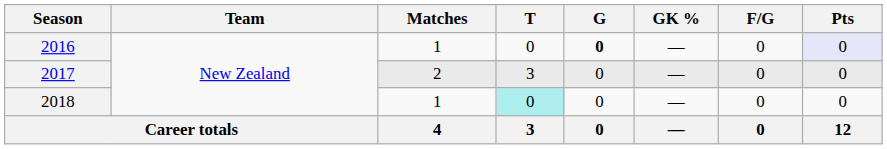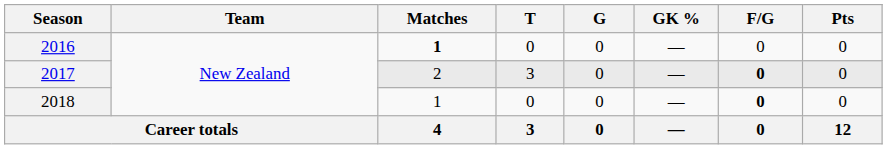 <table class="wikitable sortable"  style="font-size:90%; text-align:center; width:85%;">
 <tr>
 <th width=2%>Season</th>
 <th width=8%>Team</th>
 <th width=2%>Matches</th>
 <th width=2%>T</th>
 <th width=2%>G</th>
 <th width=2%>GK %</th>
 <th width=2%>F/G</th>
 <th width=2%>Pts</th>
 </tr>
 <tr>
 <th scope="row" style="text-align:center; font-weight:normal"><a href='#'>2016</a></th>
 <td rowspan="3" style="text-align:center;"> <a href='#'>New Zealand</a></td>
-<td>1</td>
+<td><strong>1</strong></td>
 <td>0</td>
-<td><strong>0</strong></td>
+<td>0</td>
 <td>—</td>
 <td>0</td>
-<td style="background: lavender;">0</td>
+<td>0</td>
 </tr>
 <tr style="background:#eaeaea;">
 <th scope="row" style="text-align:center; font-weight:normal"><a href='#'>2017</a></th>
 <td>2</td>
 <td>3</td>
 <td>0</td>
 <td>—</td>
-<td>0</td>
+<td><strong>0</strong></td>
 <td>0</td>
 </tr>
 <tr>
 <th scope="row" style="text-align:center; font-weight:normal">2018</th>
 <td>1</td>
-<td style="background: paleturquoise;">0</td>
+<td>0</td>
 <td>0</td>
 <td>—</td>
-<td>0</td>
+<td><strong>0</strong></td>
 <td>0</td>
 </tr>
 <tr class="sortbottom">
 <th colspan=2>Career totals</th>
 <th>4</th>
 <th>3</th>
 <th>0</th>
 <th>—</th>
 <th>0</th>
 <th>12</th>
 </tr>
 </table>
